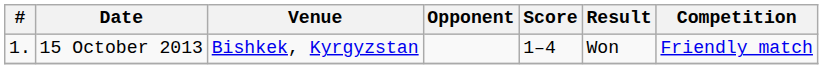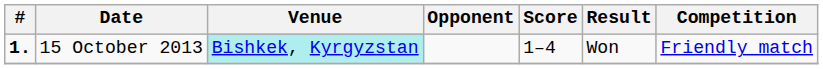 <table class="wikitable" style="font-size:95%;">
 <tr>
 <th>#</th>
 <th>Date</th>
 <th>Venue</th>
 <th>Opponent</th>
 <th>Score</th>
 <th>Result</th>
 <th>Competition</th>
 </tr>
 <tr>
-<td>1.</td>
+<td><strong>1.</strong></td>
 <td>15 October 2013</td>
-<td><a href='#'>Bishkek</a>, <a href='#'>Kyrgyzstan</a></td>
+<td style="background: paleturquoise;"><a href='#'>Bishkek</a>, <a href='#'>Kyrgyzstan</a></td>
 <td></td>
 <td>1–4</td>
 <td>Won</td>
 <td><a href='#'>Friendly match</a></td>
 </tr>
 <tr>
 </tr>
 </table>
